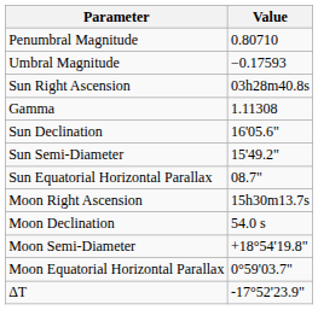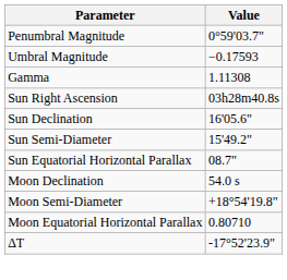 <table class="wikitable">
 <tr>
 <th>Parameter</th>
 <th>Value</th>
 </tr>
 <tr>
 <td>Penumbral Magnitude</td>
-<td>0.80710</td>
+<td>0°59'03.7"</td>
 </tr>
 <tr>
 <td>Umbral Magnitude</td>
 <td>−0.17593</td>
 </tr>
 <tr>
+<td>Gamma</td>
+<td>1.11308</td>
+</tr>
+<tr>
 <td>Sun Right Ascension</td>
 <td>03h28m40.8s</td>
-</tr>
-<tr>
-<td>Gamma</td>
-<td>1.11308</td>
 </tr>
 <tr>
 <td>Sun Declination</td>
 <td>16'05.6"</td>
 </tr>
 <tr>
 <td>Sun Semi-Diameter</td>
 <td>15'49.2"</td>
 </tr>
 <tr>
 <td>Sun Equatorial Horizontal Parallax</td>
 <td>08.7"</td>
 </tr>
 <tr>
-<td>Moon Right Ascension</td>
-<td>15h30m13.7s</td>
-</tr>
-<tr>
 <td>Moon Declination</td>
 <td>54.0 s</td>
 </tr>
 <tr>
 <td>Moon Semi-Diameter</td>
 <td>+18°54'19.8"</td>
 </tr>
 <tr>
 <td>Moon Equatorial Horizontal Parallax</td>
-<td>0°59'03.7"</td>
+<td>0.80710</td>
 </tr>
 <tr>
 <td>ΔT</td>
 <td>-17°52'23.9"</td>
 </tr>
 </table>
